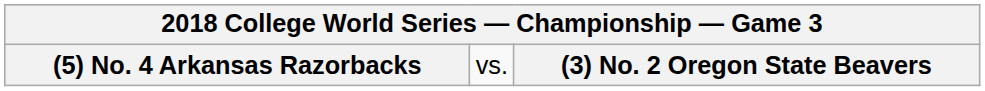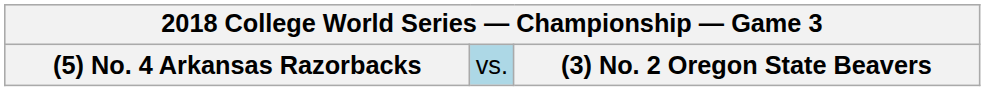 <table class="wikitable">
 <tr>
 <th style="width: 595px;" colspan=3>2018 College World Series — Championship — Game 3</th>
 </tr>
 <tr>
 <th style="width: 287px; ">(5) No. 4 Arkansas Razorbacks</th>
-<td style="width: 20px; text-align:center">vs.</td>
+<td style="background: lightblue; width: 20px; text-align:center">vs.</td>
 <th style="width: 287px; ">(3) No. 2 Oregon State Beavers</th>
 </tr>
 </table>
